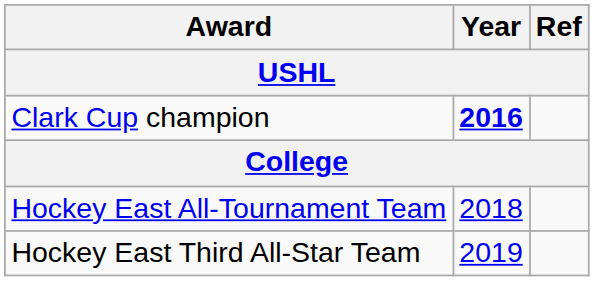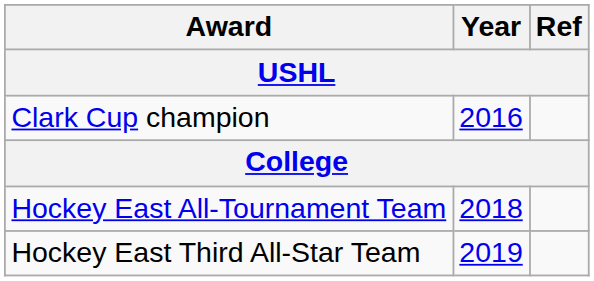 <table class="wikitable">
 <tr>
 <th>Award</th>
 <th>Year</th>
 <th>Ref</th>
 </tr>
 <tr>
 <th colspan="3"><a href='#'>USHL</a></th>
 </tr>
 <tr>
 <td><a href='#'>Clark Cup</a> champion</td>
-<td><strong><a href='#'>2016</a></strong></td>
+<td><a href='#'>2016</a></td>
 <td></td>
 </tr>
 <tr>
 <th colspan="3"><a href='#'>College</a></th>
 </tr>
 <tr>
 <td><a href='#'>Hockey East All-Tournament Team</a></td>
 <td><a href='#'>2018</a></td>
 <td></td>
 </tr>
 <tr>
 <td>Hockey East Third All-Star Team</td>
 <td><a href='#'>2019</a></td>
 <td></td>
 </tr>
 </table>
